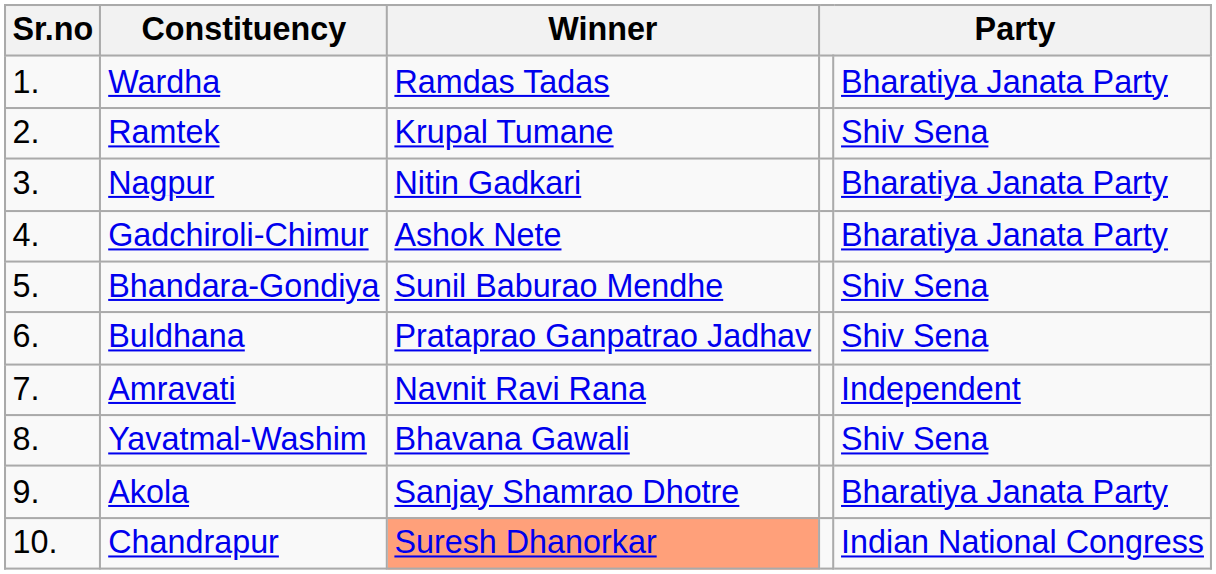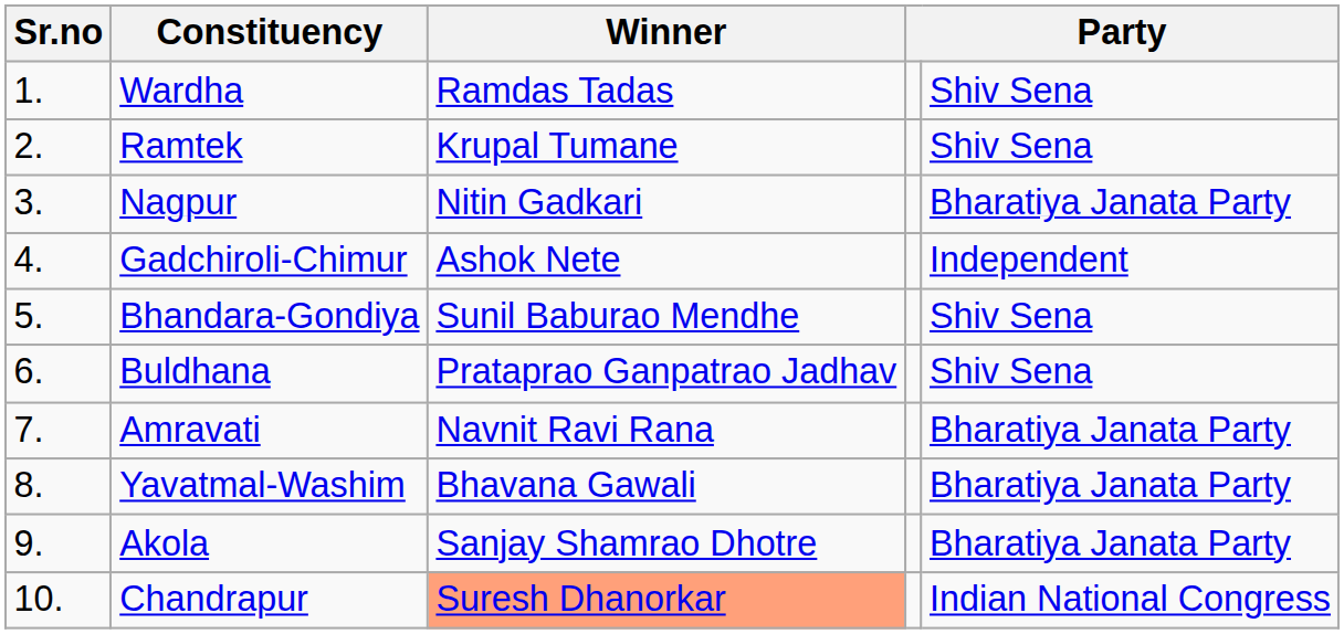 <table class="wikitable sortable">
 <tr>
 <th>Sr.no</th>
 <th>Constituency</th>
 <th>Winner</th>
 <th colspan=2>Party</th>
 </tr>
 <tr>
 <td>1.</td>
 <td><a href='#'>Wardha</a></td>
 <td><a href='#'>Ramdas Tadas</a></td>
 <td style="background-color:"></td>
-<td><a href='#'>Bharatiya Janata Party</a></td>
+<td><a href='#'>Shiv Sena</a></td>
 </tr>
 <tr>
 <td>2.</td>
 <td><a href='#'>Ramtek</a></td>
 <td><a href='#'>Krupal Tumane</a></td>
 <td style="background-color: "></td>
 <td><a href='#'>Shiv Sena</a></td>
 </tr>
 <tr>
 <td>3.</td>
 <td><a href='#'>Nagpur</a></td>
 <td><a href='#'>Nitin Gadkari</a></td>
 <td style="background-color:"></td>
 <td><a href='#'>Bharatiya Janata Party</a></td>
 </tr>
 <tr>
 <td>4.</td>
 <td><a href='#'>Gadchiroli-Chimur</a></td>
 <td><a href='#'>Ashok Nete</a></td>
 <td style="background-color:"></td>
-<td><a href='#'>Bharatiya Janata Party</a></td>
+<td><a href='#'>Independent</a></td>
 </tr>
 <tr>
 <td>5.</td>
 <td><a href='#'>Bhandara-Gondiya</a></td>
 <td><a href='#'>Sunil Baburao Mendhe</a></td>
 <td style="background-color:"></td>
 <td><a href='#'>Shiv Sena</a></td>
 </tr>
 <tr>
 <td>6.</td>
 <td><a href='#'>Buldhana</a></td>
 <td><a href='#'>Prataprao Ganpatrao Jadhav</a></td>
 <td style="background-color: "></td>
 <td><a href='#'>Shiv Sena</a></td>
 </tr>
 <tr>
 <td>7.</td>
 <td><a href='#'>Amravati</a></td>
 <td><a href='#'>Navnit Ravi Rana</a></td>
 <td></td>
-<td><a href='#'>Independent</a></td>
+<td><a href='#'>Bharatiya Janata Party</a></td>
 </tr>
 <tr>
 <td>8.</td>
 <td><a href='#'>Yavatmal-Washim</a></td>
 <td><a href='#'>Bhavana Gawali</a></td>
 <td style="background-color: "></td>
-<td><a href='#'>Shiv Sena</a></td>
+<td><a href='#'>Bharatiya Janata Party</a></td>
 </tr>
 <tr>
 <td>9.</td>
 <td><a href='#'>Akola</a></td>
 <td><a href='#'>Sanjay Shamrao Dhotre</a></td>
 <td style="background-color:"></td>
 <td><a href='#'>Bharatiya Janata Party</a></td>
 </tr>
 <tr>
 <td>10.</td>
 <td><a href='#'>Chandrapur</a></td>
 <td style="background: lightsalmon;"><a href='#'>Suresh Dhanorkar</a></td>
 <td style="background-color: "></td>
 <td><a href='#'>Indian National Congress</a></td>
 </tr>
 </table>
